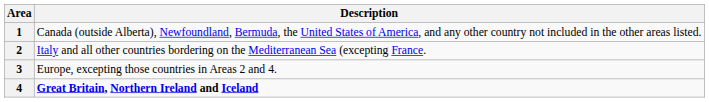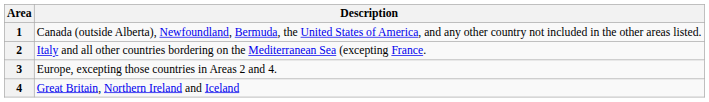 <table class="wikitable">
 <tr>
 <th>Area</th>
 <th>Description</th>
 </tr>
 <tr>
 <th>1</th>
 <td>Canada (outside Alberta), <a href='#'>Newfoundland</a>, <a href='#'>Bermuda</a>, the <a href='#'>United States of America</a>, and any other country not included in the other areas listed.</td>
 </tr>
 <tr>
 <th>2</th>
 <td><a href='#'>Italy</a> and all other countries bordering on the <a href='#'>Mediterranean Sea</a> (excepting <a href='#'>France</a>.</td>
 </tr>
 <tr>
 <th>3</th>
 <td>Europe, excepting those countries in Areas 2 and 4.</td>
 </tr>
 <tr>
 <th>4</th>
-<td><strong><a href='#'>Great Britain</a>, <a href='#'>Northern Ireland</a> and <a href='#'>Iceland</a></strong></td>
+<td><a href='#'>Great Britain</a>, <a href='#'>Northern Ireland</a> and <a href='#'>Iceland</a></td>
 </tr>
 </table>
